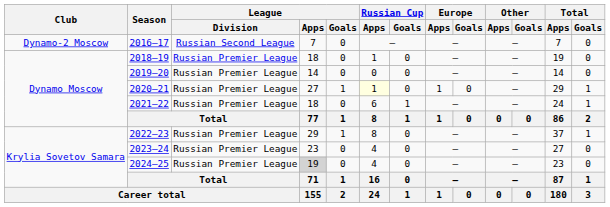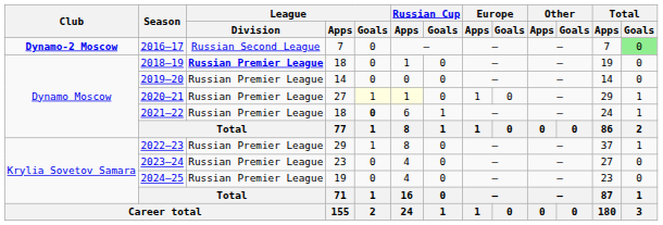 <table class="wikitable" style="text-align: center;">
 <tr>
 <th rowspan="2">Club</th>
 <th rowspan="2">Season</th>
 <th colspan="3">League</th>
 <th colspan="2"><a href='#'>Russian Cup</a></th>
 <th colspan="2">Europe</th>
 <th colspan="2">Other</th>
 <th colspan="2">Total</th>
 </tr>
 <tr>
 <th>Division</th>
 <th>Apps</th>
 <th>Goals</th>
 <th>Apps</th>
 <th>Goals</th>
 <th>Apps</th>
 <th>Goals</th>
 <th>Apps</th>
 <th>Goals</th>
 <th>Apps</th>
 <th>Goals</th>
 </tr>
 <tr>
-<td><a href='#'>Dynamo-2 Moscow</a></td>
+<td><strong><a href='#'>Dynamo-2 Moscow</a></strong></td>
 <td><a href='#'>2016–17</a></td>
 <td><a href='#'>Russian Second League</a></td>
 <td>7</td>
 <td>0</td>
 <td colspan=2>–</td>
 <td colspan=2>–</td>
 <td colspan=2>–</td>
 <td>7</td>
-<td>0</td>
+<td style="background: lightgreen;">0</td>
 </tr>
 <tr>
 <td rowspan="5"><a href='#'>Dynamo Moscow</a></td>
 <td><a href='#'>2018–19</a></td>
-<td><a href='#'>Russian Premier League</a></td>
+<td><strong><a href='#'>Russian Premier League</a></strong></td>
 <td>18</td>
 <td>0</td>
 <td>1</td>
 <td>0</td>
 <td colspan=2>–</td>
 <td colspan=2>–</td>
 <td>19</td>
 <td>0</td>
 </tr>
 <tr>
 <td><a href='#'>2019–20</a></td>
 <td>Russian Premier League</td>
 <td>14</td>
 <td>0</td>
 <td>0</td>
 <td>0</td>
 <td colspan=2>–</td>
 <td colspan=2>–</td>
 <td>14</td>
 <td>0</td>
 </tr>
 <tr>
 <td><a href='#'>2020–21</a></td>
 <td>Russian Premier League</td>
 <td>27</td>
-<td>1</td>
+<td style="background: lightyellow;">1</td>
 <td style="background: lightyellow;">1</td>
 <td>0</td>
 <td>1</td>
 <td>0</td>
 <td colspan=2>–</td>
 <td>29</td>
 <td>1</td>
 </tr>
 <tr>
 <td><a href='#'>2021–22</a></td>
 <td>Russian Premier League</td>
 <td>18</td>
-<td>0</td>
+<td><strong>0</strong></td>
 <td>6</td>
 <td>1</td>
 <td colspan=2>–</td>
 <td colspan=2>–</td>
 <td>24</td>
 <td>1</td>
 </tr>
 <tr>
 <th colspan=2>Total</th>
 <th>77</th>
 <th>1</th>
 <th>8</th>
 <th>1</th>
 <th>1</th>
 <th>0</th>
 <th>0</th>
 <th>0</th>
 <th>86</th>
 <th>2</th>
 </tr>
 <tr>
 <td rowspan="4"><a href='#'>Krylia Sovetov Samara</a></td>
 <td><a href='#'>2022–23</a></td>
 <td>Russian Premier League</td>
 <td>29</td>
 <td>1</td>
 <td>8</td>
 <td>0</td>
 <td colspan=2>–</td>
 <td colspan=2>–</td>
 <td>37</td>
 <td>1</td>
 </tr>
 <tr>
 <td><a href='#'>2023–24</a></td>
 <td>Russian Premier League</td>
 <td>23</td>
 <td>0</td>
 <td>4</td>
 <td>0</td>
 <td colspan=2>–</td>
 <td colspan=2>–</td>
 <td>27</td>
 <td>0</td>
 </tr>
 <tr>
 <td><a href='#'>2024–25</a></td>
 <td>Russian Premier League</td>
-<td style="background: lightgrey;">19</td>
+<td>19</td>
 <td>0</td>
 <td>4</td>
 <td>0</td>
 <td colspan="2">—</td>
 <td colspan="2">—</td>
 <td>23</td>
 <td>0</td>
 </tr>
 <tr>
 <th colspan="2">Total</th>
 <th>71</th>
 <th>1</th>
 <th>16</th>
 <th>0</th>
 <th colspan="2">—</th>
 <th colspan="2">—</th>
 <th>87</th>
 <th>1</th>
 </tr>
 <tr>
 <th colspan="3">Career total</th>
 <th>155</th>
 <th>2</th>
 <th>24</th>
 <th>1</th>
 <th>1</th>
 <th>0</th>
 <th>0</th>
 <th>0</th>
 <th>180</th>
 <th>3</th>
 </tr>
 </table>
